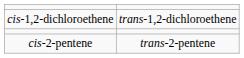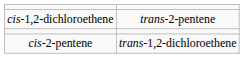 <table class="wikitable skin-invert-image"  style="text-align:center; margin: 1em auto 1em auto">
 <tr>
 <td></td>
 <td></td>
 </tr>
 <tr>
 <td><em>cis</em>-1,2-dichloroethene</td>
-<td><em>trans</em>-1,2-dichloroethene</td>
+<td><em>trans</em>-2-pentene</td>
 </tr>
 <tr>
 <td></td>
 <td></td>
 </tr>
 <tr>
 <td><em>cis</em>-2-pentene</td>
-<td><em>trans</em>-2-pentene</td>
+<td><em>trans</em>-1,2-dichloroethene</td>
 </tr>
 </table>
